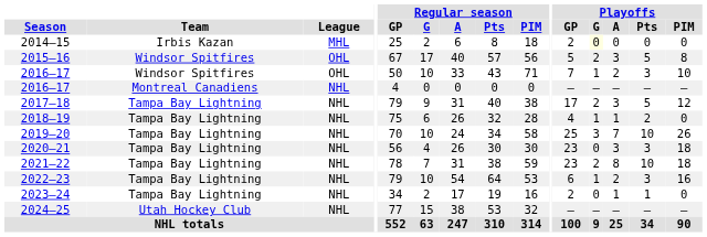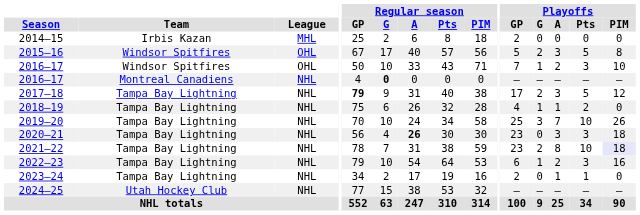 <table border="0" cellpadding="1" cellspacing="0" style="text-align:center; width:60em">
 <tr bgcolor="#e0e0e0">
 <th colspan="3" bgcolor="#ffffff"></th>
 <th rowspan="99" bgcolor="#ffffff"></th>
 <th colspan="5"><a href='#'>Regular season</a></th>
 <th rowspan="99" bgcolor="#ffffff"></th>
 <th colspan="5"><a href='#'>Playoffs</a></th>
 </tr>
 <tr bgcolor="#e0e0e0">
 <th><a href='#'>Season</a></th>
 <th>Team</th>
 <th>League</th>
 <th>GP</th>
 <th><a href='#'>G</a></th>
 <th><a href='#'>A</a></th>
 <th><a href='#'>Pts</a></th>
 <th><a href='#'>PIM</a></th>
 <th>GP</th>
 <th>G</th>
 <th>A</th>
 <th>Pts</th>
 <th>PIM</th>
 </tr>
 <tr>
 <td>2014–15</td>
 <td>Irbis Kazan</td>
 <td><a href='#'>MHL</a></td>
 <td>25</td>
 <td>2</td>
 <td>6</td>
 <td>8</td>
 <td>18</td>
 <td>2</td>
-<td style="background: lightyellow;">0</td>
+<td>0</td>
 <td>0</td>
 <td>0</td>
 <td>0</td>
 </tr>
 <tr>
 </tr>
 <tr bgcolor="#f0f0f0">
 <td><a href='#'>2015–16</a></td>
 <td><a href='#'>Windsor Spitfires</a></td>
 <td><a href='#'>OHL</a></td>
 <td>67</td>
 <td>17</td>
 <td>40</td>
 <td>57</td>
 <td>56</td>
 <td>5</td>
 <td>2</td>
 <td>3</td>
 <td>5</td>
 <td>8</td>
 </tr>
 <tr>
 <td><a href='#'>2016–17</a></td>
 <td>Windsor Spitfires</td>
 <td>OHL</td>
 <td>50</td>
 <td>10</td>
 <td>33</td>
 <td>43</td>
 <td>71</td>
 <td>7</td>
 <td>1</td>
 <td>2</td>
 <td>3</td>
 <td>10</td>
 </tr>
 <tr bgcolor="#f0f0f0">
 <td><a href='#'>2016–17</a></td>
 <td><a href='#'>Montreal Canadiens</a></td>
 <td><a href='#'>NHL</a></td>
 <td>4</td>
-<td>0</td>
+<td><strong>0</strong></td>
 <td>0</td>
 <td>0</td>
 <td>0</td>
 <td>—</td>
 <td>—</td>
 <td>—</td>
 <td>—</td>
 <td>—</td>
 </tr>
 <tr>
 <td><a href='#'>2017–18</a></td>
 <td><a href='#'>Tampa Bay Lightning</a></td>
 <td>NHL</td>
-<td>79</td>
+<td><strong>79</strong></td>
 <td>9</td>
 <td>31</td>
 <td>40</td>
 <td>38</td>
 <td>17</td>
 <td>2</td>
 <td>3</td>
 <td>5</td>
 <td>12</td>
 </tr>
 <tr bgcolor="#f0f0f0">
 <td><a href='#'>2018–19</a></td>
 <td>Tampa Bay Lightning</td>
 <td>NHL</td>
 <td>75</td>
 <td>6</td>
 <td>26</td>
 <td>32</td>
 <td>28</td>
 <td>4</td>
 <td>1</td>
 <td>1</td>
 <td>2</td>
 <td>0</td>
 </tr>
 <tr>
 <td><a href='#'>2019–20</a></td>
 <td>Tampa Bay Lightning</td>
 <td>NHL</td>
 <td>70</td>
 <td>10</td>
 <td>24</td>
 <td>34</td>
 <td>58</td>
 <td>25</td>
 <td>3</td>
 <td>7</td>
 <td>10</td>
 <td>26</td>
 </tr>
 <tr bgcolor="#f0f0f0">
 <td><a href='#'>2020–21</a></td>
 <td>Tampa Bay Lightning</td>
 <td>NHL</td>
 <td>56</td>
 <td>4</td>
-<td>26</td>
+<td><strong>26</strong></td>
 <td>30</td>
 <td>30</td>
 <td>23</td>
 <td>0</td>
 <td>3</td>
 <td>3</td>
 <td>18</td>
 </tr>
 <tr>
 <td><a href='#'>2021–22</a></td>
 <td>Tampa Bay Lightning</td>
 <td>NHL</td>
 <td>78</td>
 <td>7</td>
 <td>31</td>
 <td>38</td>
 <td>59</td>
 <td>23</td>
 <td>2</td>
 <td>8</td>
 <td>10</td>
-<td>18</td>
+<td style="background: lavender;">18</td>
 </tr>
 <tr bgcolor="#f0f0f0">
 <td><a href='#'>2022–23</a></td>
 <td>Tampa Bay Lightning</td>
 <td>NHL</td>
 <td>79</td>
 <td>10</td>
 <td>54</td>
 <td>64</td>
 <td>53</td>
 <td>6</td>
 <td>1</td>
 <td>2</td>
 <td>3</td>
 <td>16</td>
 </tr>
 <tr>
 <td><a href='#'>2023–24</a></td>
 <td>Tampa Bay Lightning</td>
 <td>NHL</td>
 <td>34</td>
 <td>2</td>
 <td>17</td>
 <td>19</td>
 <td>16</td>
 <td>2</td>
 <td>0</td>
 <td>1</td>
 <td>1</td>
 <td>0</td>
 </tr>
 <tr bgcolor="#f0f0f0">
 <td><a href='#'>2024–25</a></td>
 <td><a href='#'>Utah Hockey Club</a></td>
 <td>NHL</td>
 <td>77</td>
 <td>15</td>
 <td>38</td>
 <td>53</td>
 <td>32</td>
 <td>—</td>
 <td>—</td>
 <td>—</td>
 <td>—</td>
 <td>—</td>
 </tr>
 <tr bgcolor="#e0e0e0">
 <th colspan="3">NHL totals</th>
 <th>552</th>
 <th>63</th>
 <th>247</th>
 <th>310</th>
 <th>314</th>
 <th>100</th>
 <th>9</th>
 <th>25</th>
 <th>34</th>
 <th>90</th>
 </tr>
 </table>
